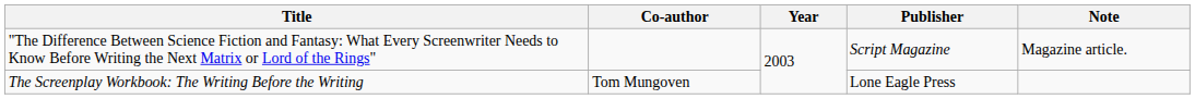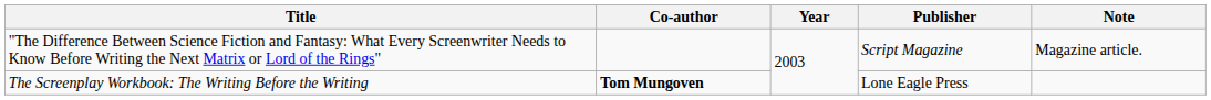 <table class="wikitable">
 <tr>
 <th scope="col" width="34%">Title</th>
 <th scope="col" width="10%">Co-author</th>
 <th scope="col" width="5%">Year</th>
 <th scope="col" width="10%">Publisher</th>
 <th scope="col" width="10%">Note</th>
 </tr>
 <tr>
 <td>"The Difference Between Science Fiction and Fantasy: What Every Screenwriter Needs to Know Before Writing the Next <a href='#'>Matrix</a> or <a href='#'>Lord of the Rings</a>"</td>
 <td></td>
 <td rowspan="2">2003</td>
 <td><em>Script Magazine</em></td>
 <td>Magazine article.</td>
 </tr>
 <tr>
 <td><em>The Screenplay Workbook: The Writing Before the Writing</em></td>
-<td>Tom Mungoven</td>
+<td><strong>Tom Mungoven</strong></td>
 <td>Lone Eagle Press</td>
 <td></td>
 </tr>
 </table>
